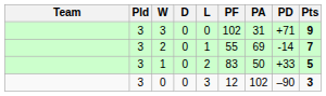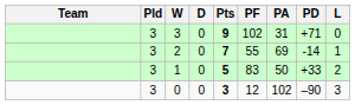 <table class="wikitable" style="text-align:center;">
 <tr>
 <th width=175>Team</th>
 <th width=25 abbr="Played">Pld</th>
 <th width=25 abbr="Won">W</th>
 <th width=25 abbr="Drawn">D</th>
-<th width=25 abbr="Lost">L</th>
+<th width=25 abbr="Points">Pts</th>
 <th width=32 abbr="Points for">PF</th>
 <th width=32 abbr="Points against">PA</th>
 <th width=32 abbr="Points difference">PD</th>
-<th width=25 abbr="Points">Pts</th>
+<th width=25 abbr="Lost">L</th>
 </tr>
 <tr style="background:#ccffcc">
 <td align=left></td>
 <td>3</td>
 <td>3</td>
 <td>0</td>
-<td>0</td>
+<td><strong>9</strong></td>
 <td>102</td>
 <td>31</td>
 <td>+71</td>
-<td><strong>9</strong></td>
+<td>0</td>
 </tr>
 <tr style="background:#ccffcc">
 <td align=left></td>
 <td>3</td>
 <td>2</td>
 <td>0</td>
-<td>1</td>
+<td><strong>7</strong></td>
 <td>55</td>
 <td>69</td>
 <td>-14</td>
-<td><strong>7</strong></td>
+<td>1</td>
 </tr>
 <tr style="background:#ccffcc">
 <td align=left></td>
 <td>3</td>
 <td>1</td>
 <td>0</td>
-<td>2</td>
+<td><strong>5</strong></td>
 <td>83</td>
 <td>50</td>
 <td>+33</td>
-<td><strong>5</strong></td>
+<td>2</td>
 </tr>
 <tr>
 <td align=left></td>
 <td>3</td>
 <td>0</td>
 <td>0</td>
-<td>3</td>
+<td><strong>3</strong></td>
 <td>12</td>
 <td>102</td>
 <td>–90</td>
-<td><strong>3</strong></td>
+<td>3</td>
 </tr>
 </table>
